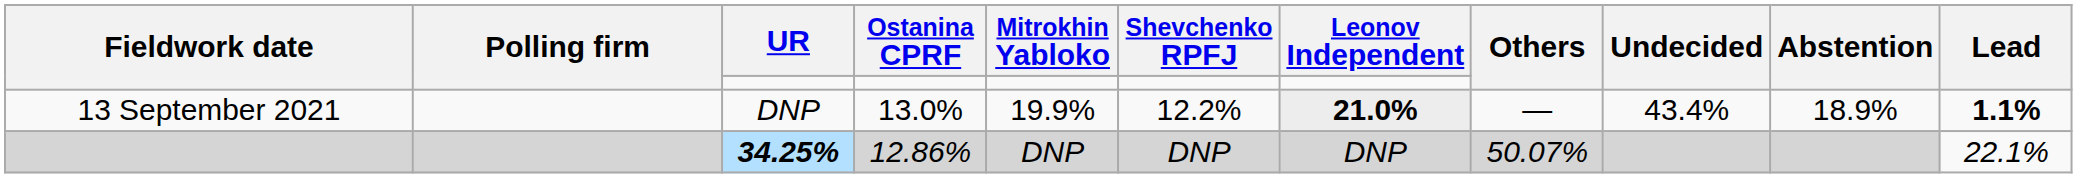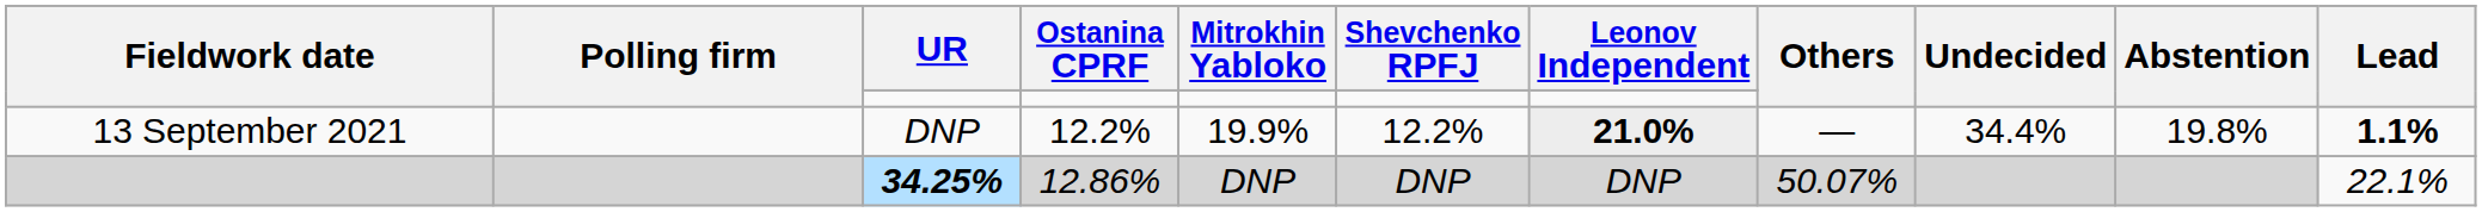 <table class="wikitable" style="font-size:95%; line-height:14px; text-align:center">
 <tr>
 <th rowspan="2" style="width:200px;">Fieldwork date</th>
 <th rowspan="2" style="width:150px;">Polling firm</th>
 <th style="width:60px;"><a href='#'>UR</a></th>
 <th style="width:60px;"><small><a href='#'>Ostanina</a></small><br><a href='#'>CPRF</a></th>
 <th style="width:60px;"><small><a href='#'>Mitrokhin</a></small><br><a href='#'>Yabloko</a></th>
 <th style="width:60px;"><small><a href='#'>Shevchenko</a></small><br><a href='#'>RPFJ</a></th>
 <th style="width:60px;"><small><a href='#'>Leonov</a></small><br><a href='#'>Independent</a></th>
 <th rowspan="2" style="width:60px;">Others</th>
 <th rowspan="2" style="width:60px;">Undecided</th>
 <th rowspan="2" style="width:60px;">Abstention</th>
 <th rowspan="2" style="width:60px;">Lead</th>
 </tr>
 <tr>
 <td></td>
 <td></td>
 <td></td>
 <td></td>
 <td></td>
 </tr>
 <tr>
 <td>13 September 2021</td>
 <td></td>
 <td><em>DNP</em></td>
-<td>13.0%</td>
+<td>12.2%</td>
 <td>19.9%</td>
 <td>12.2%</td>
 <td style="background:#ededed"><strong>21.0%</strong></td>
 <td>—</td>
-<td>43.4%</td>
-<td>18.9%</td>
+<td>34.4%</td>
+<td>19.8%</td>
 <td style="background:"><strong>1.1%</strong></td>
 </tr>
 <tr>
 <td style="background:#D5D5D5"></td>
 <td style="background:#D5D5D5"></td>
 <td style="background:#B3E0FF"><strong><em>34.25%</em></strong></td>
 <td style="background:#D5D5D5"><em>12.86%</em></td>
 <td style="background:#D5D5D5"><em>DNP</em></td>
 <td style="background:#D5D5D5"><em>DNP</em></td>
 <td style="background:#D5D5D5"><em>DNP</em></td>
 <td style="background:#D5D5D5"><em>50.07%</em></td>
 <td style="background:#D5D5D5"></td>
 <td style="background:#D5D5D5"></td>
 <td style="background:"><em>22.1%</em></td>
 </tr>
 </table>
